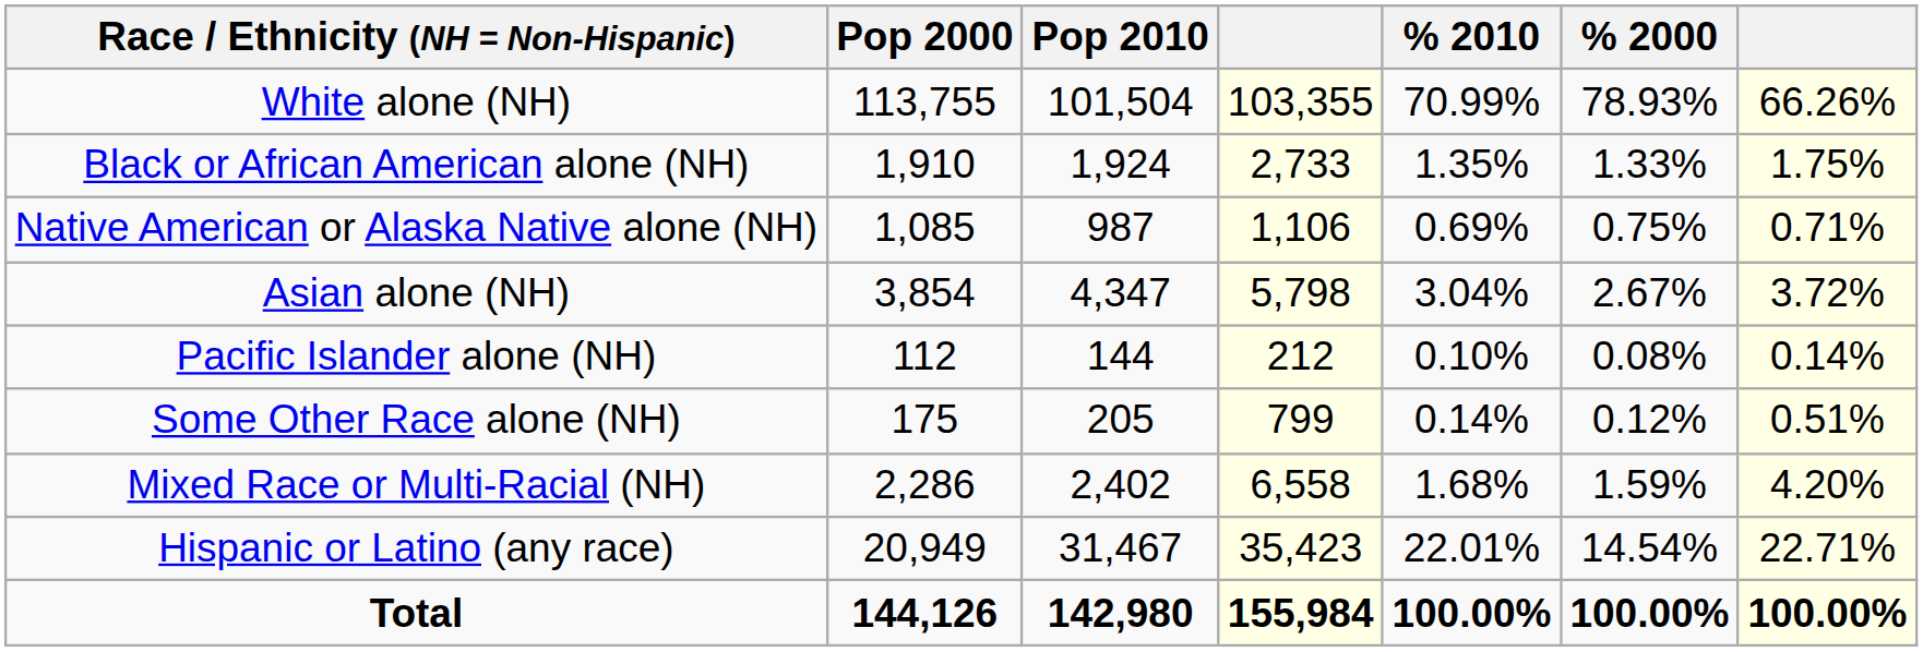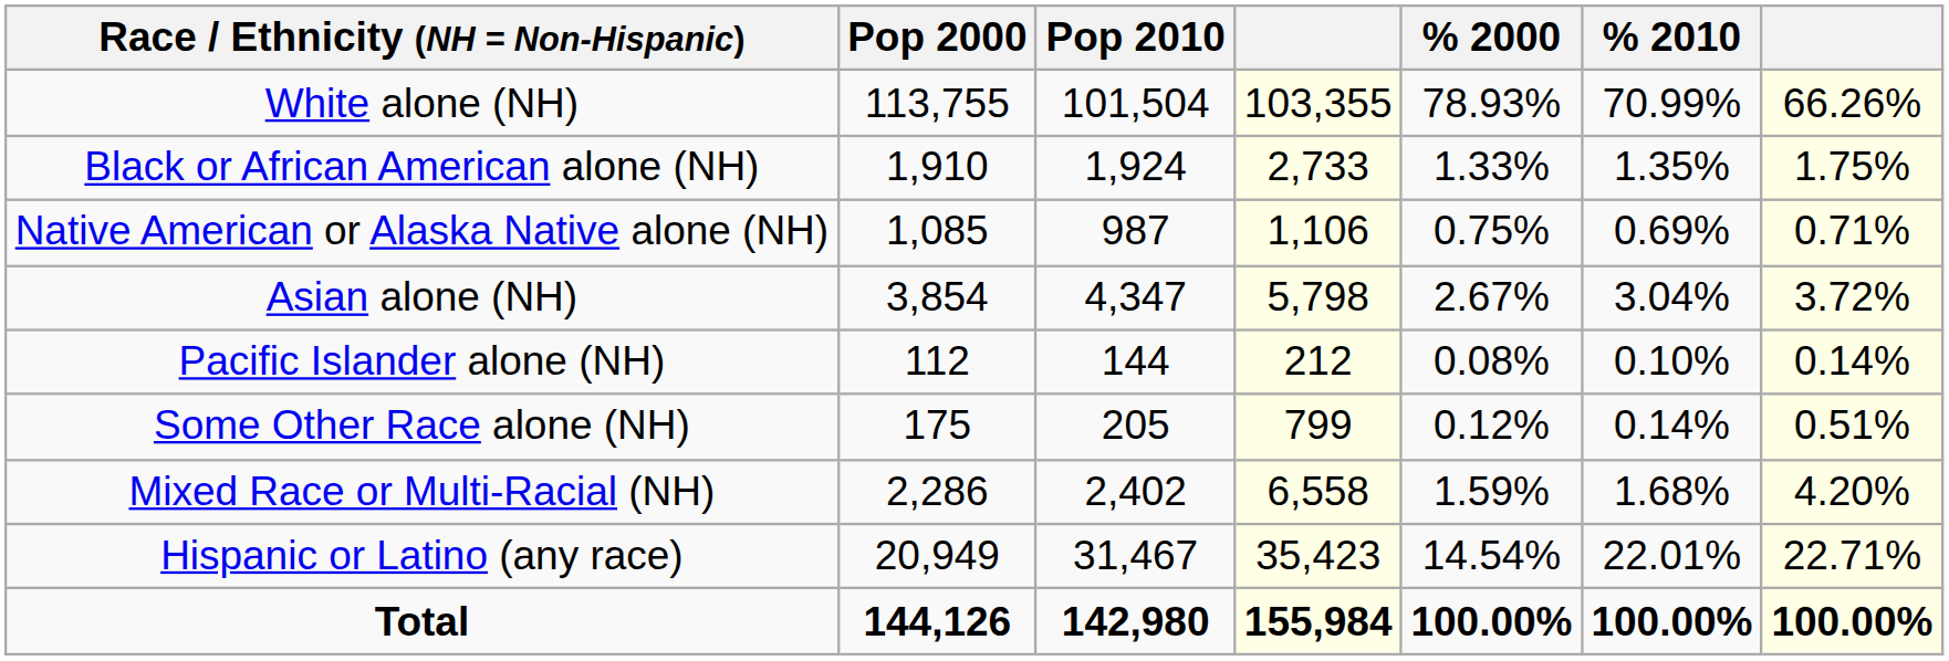 <table class="wikitable" style="text-align:center;">
 <tr>
 <th>Race / Ethnicity <small>(<em>NH = Non-Hispanic</em>)</small></th>
 <th>Pop 2000</th>
 <th>Pop 2010</th>
 <th></th>
+<th>% 2000</th>
 <th>% 2010</th>
-<th>% 2000</th>
 <th></th>
 </tr>
 <tr>
 <td><a href='#'>White</a> alone (NH)</td>
 <td>113,755</td>
 <td>101,504</td>
 <td style='background: #ffffe6;'>103,355</td>
+<td>78.93%</td>
 <td>70.99%</td>
-<td>78.93%</td>
 <td style='background: #ffffe6;'>66.26%</td>
 </tr>
 <tr>
 <td><a href='#'>Black or African American</a> alone (NH)</td>
 <td>1,910</td>
 <td>1,924</td>
 <td style='background: #ffffe6;'>2,733</td>
+<td>1.33%</td>
 <td>1.35%</td>
-<td>1.33%</td>
 <td style='background: #ffffe6;'>1.75%</td>
 </tr>
 <tr>
 <td><a href='#'>Native American</a> or <a href='#'>Alaska Native</a> alone (NH)</td>
 <td>1,085</td>
 <td>987</td>
 <td style='background: #ffffe6;'>1,106</td>
+<td>0.75%</td>
 <td>0.69%</td>
-<td>0.75%</td>
 <td style='background: #ffffe6;'>0.71%</td>
 </tr>
 <tr>
 <td><a href='#'>Asian</a> alone (NH)</td>
 <td>3,854</td>
 <td>4,347</td>
 <td style='background: #ffffe6;'>5,798</td>
+<td>2.67%</td>
 <td>3.04%</td>
-<td>2.67%</td>
 <td style='background: #ffffe6;'>3.72%</td>
 </tr>
 <tr>
 <td><a href='#'>Pacific Islander</a> alone (NH)</td>
 <td>112</td>
 <td>144</td>
 <td style='background: #ffffe6;'>212</td>
+<td>0.08%</td>
 <td>0.10%</td>
-<td>0.08%</td>
 <td style='background: #ffffe6;'>0.14%</td>
 </tr>
 <tr>
 <td><a href='#'>Some Other Race</a> alone (NH)</td>
 <td>175</td>
 <td>205</td>
 <td style='background: #ffffe6;'>799</td>
+<td>0.12%</td>
 <td>0.14%</td>
-<td>0.12%</td>
 <td style='background: #ffffe6;'>0.51%</td>
 </tr>
 <tr>
 <td><a href='#'>Mixed Race or Multi-Racial</a> (NH)</td>
 <td>2,286</td>
 <td>2,402</td>
 <td style='background: #ffffe6;'>6,558</td>
+<td>1.59%</td>
 <td>1.68%</td>
-<td>1.59%</td>
 <td style='background: #ffffe6;'>4.20%</td>
 </tr>
 <tr>
 <td><a href='#'>Hispanic or Latino</a> (any race)</td>
 <td>20,949</td>
 <td>31,467</td>
 <td style='background: #ffffe6;'>35,423</td>
+<td>14.54%</td>
 <td>22.01%</td>
-<td>14.54%</td>
 <td style='background: #ffffe6;'>22.71%</td>
 </tr>
 <tr>
 <td><strong>Total</strong></td>
 <td><strong>144,126</strong></td>
 <td><strong>142,980</strong></td>
 <td style='background: #ffffe6;'><strong>155,984</strong></td>
 <td><strong>100.00%</strong></td>
 <td><strong>100.00%</strong></td>
 <td style='background: #ffffe6;'><strong>100.00%</strong></td>
 </tr>
 </table>
